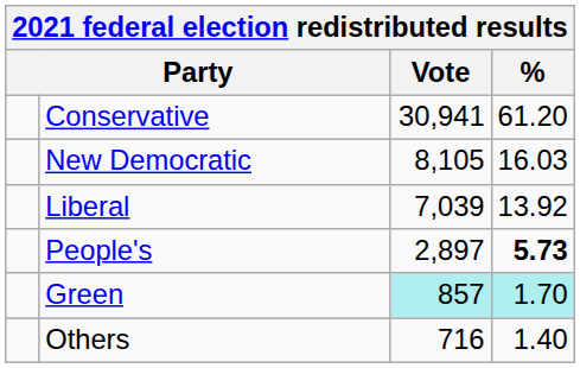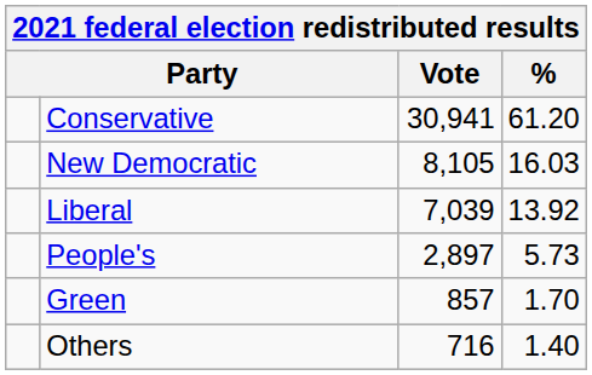 <table class="wikitable">
 <tr>
 <th colspan="4"><a href='#'>2021 federal election</a> redistributed results</th>
 </tr>
 <tr>
 <th bgcolor="#DDDDFF" width="130px" colspan="2">Party</th>
 <th bgcolor="#DDDDFF" width="50px">Vote</th>
 <th bgcolor="#DDDDFF" width="30px">%</th>
 </tr>
 <tr>
 <td> </td>
 <td><a href='#'>Conservative</a></td>
 <td align=right>30,941</td>
 <td align=right>61.20</td>
 </tr>
 <tr>
 <td> </td>
 <td><a href='#'>New Democratic</a></td>
 <td align=right>8,105</td>
 <td align=right>16.03</td>
 </tr>
 <tr>
 <td> </td>
 <td><a href='#'>Liberal</a></td>
 <td align=right>7,039</td>
 <td align=right>13.92</td>
 </tr>
 <tr>
 <td> </td>
 <td><a href='#'>People's</a></td>
 <td align=right>2,897</td>
-<td align=right><strong>5.73</strong></td>
+<td align=right>5.73</td>
 </tr>
 <tr>
 <td> </td>
 <td><a href='#'>Green</a></td>
-<td align=right style="background: paleturquoise;">857</td>
-<td align=right style="background: paleturquoise;">1.70</td>
+<td align=right>857</td>
+<td align=right>1.70</td>
 </tr>
 <tr>
 <td> </td>
 <td>Others</td>
 <td align=right>716</td>
 <td align=right>1.40</td>
 </tr>
 </table>
